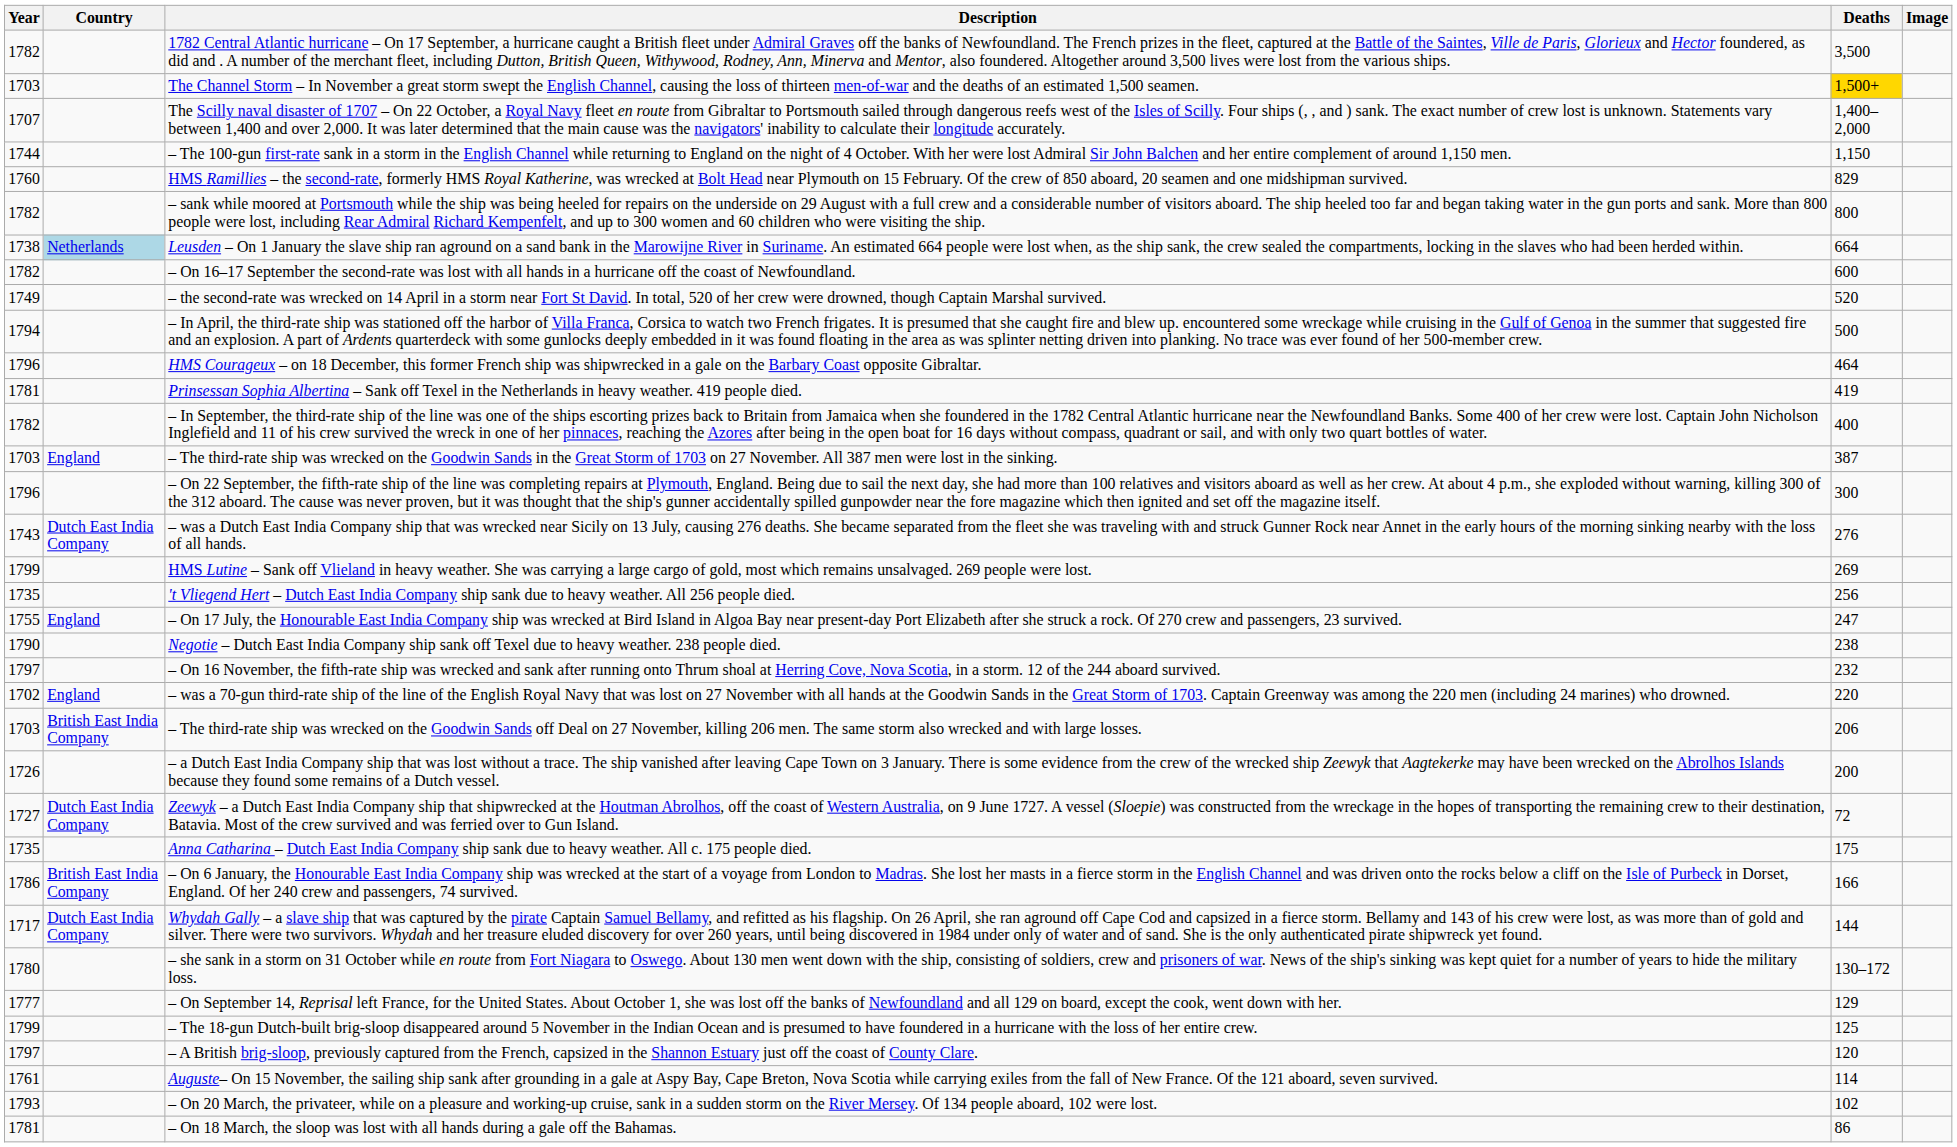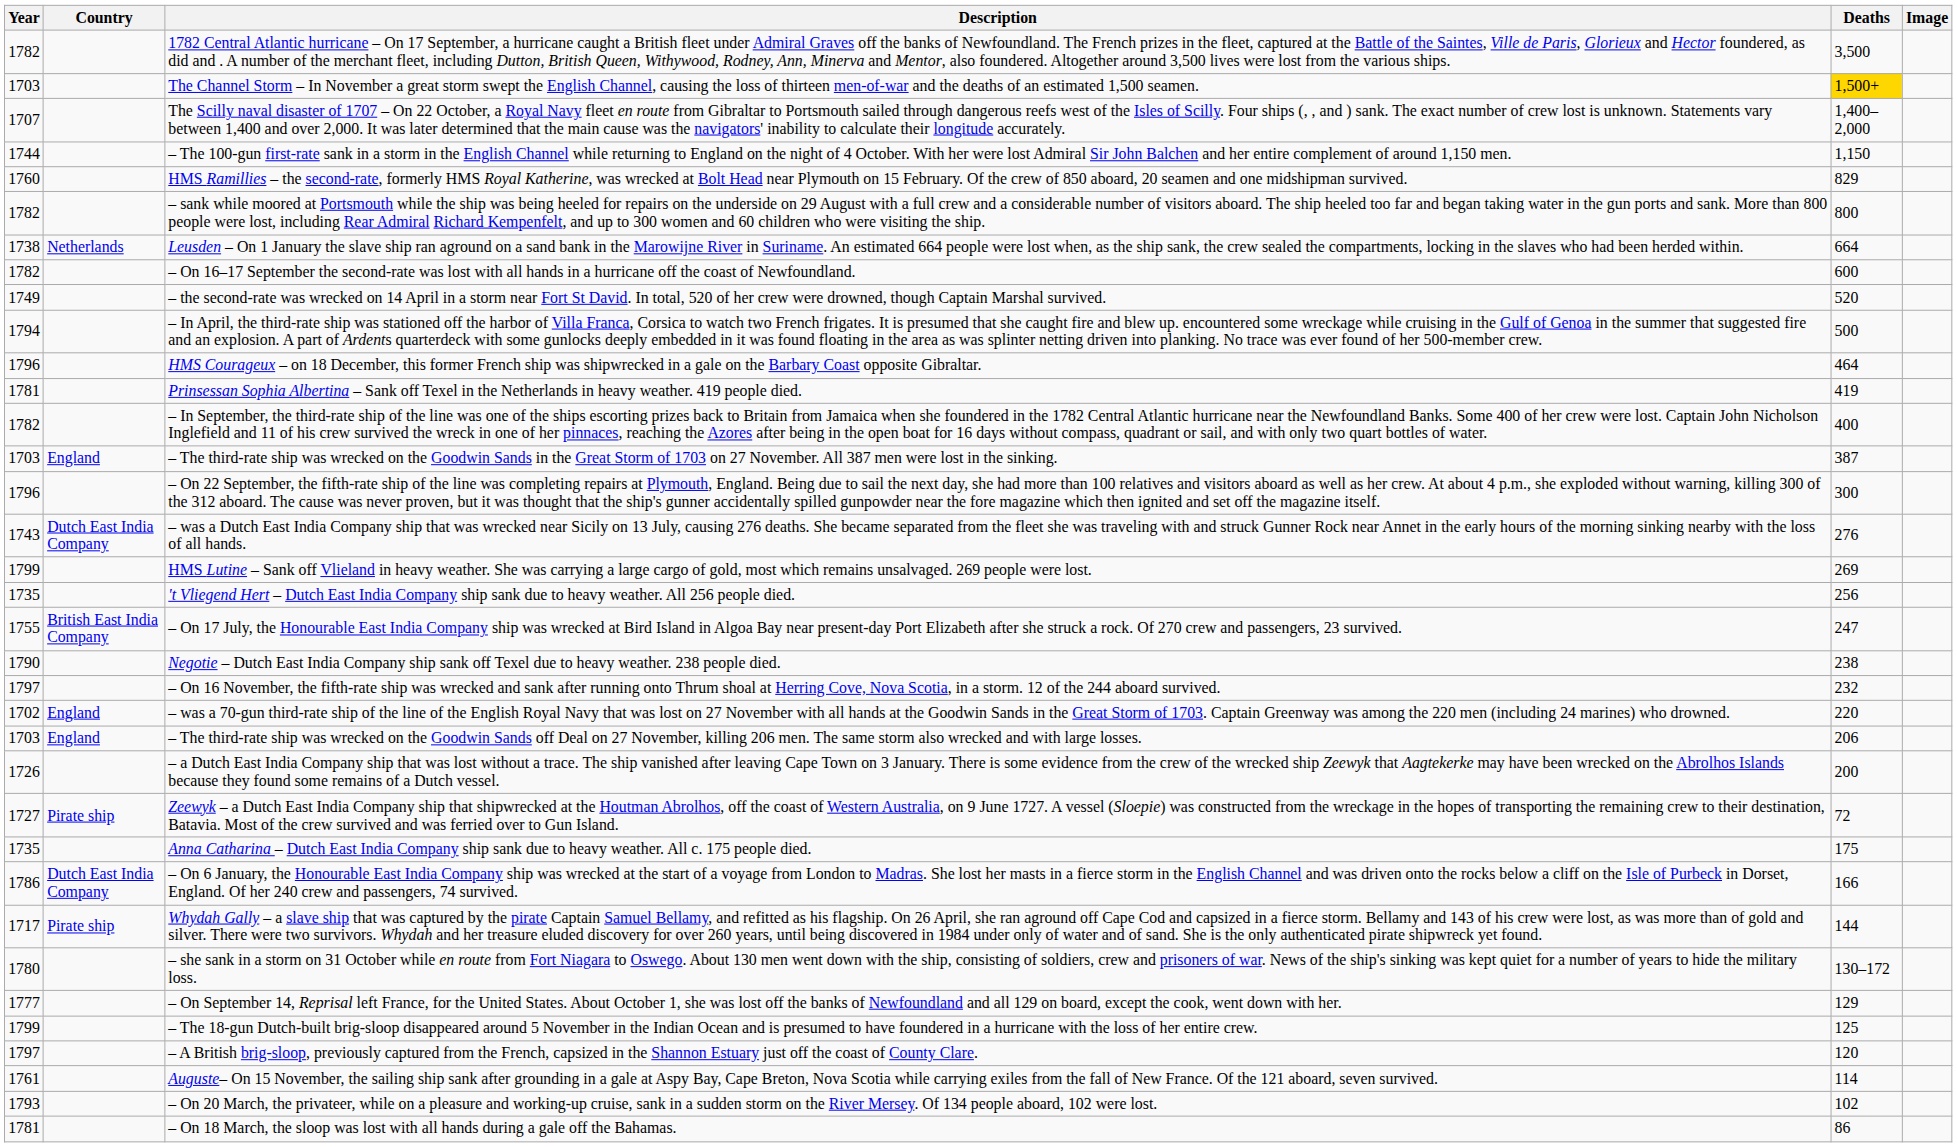 <table class="wikitable sortable" style="display: inline-table;">
 <tr>
 <th data-sort-type="number">Year</th>
 <th width=115px>Country</th>
 <th>Description</th>
 <th data-sort-type="number">Deaths</th>
 <th class="unsortable">Image</th>
 </tr>
 <tr>
 <td>1782</td>
 <td></td>
 <td><a href='#'>1782 Central Atlantic hurricane</a> – On 17 September, a hurricane caught a British fleet under <a href='#'>Admiral Graves</a> off the banks of Newfoundland. The French prizes in the fleet, captured at the <a href='#'>Battle of the Saintes</a>, <a href='#'><em>Ville de Paris</em></a>, <a href='#'><em>Glorieux</em></a> and <a href='#'><em>Hector</em></a> foundered, as did  and . A number of the merchant fleet, including <em>Dutton, British Queen, Withywood, Rodney, Ann, Minerva</em> and <em>Mentor</em>, also foundered. Altogether around 3,500 lives were lost from the various ships.</td>
 <td>3,500</td>
 <td></td>
 </tr>
 <tr>
 <td>1703</td>
 <td></td>
 <td><a href='#'>The Channel Storm</a> – In November a great storm swept the <a href='#'>English Channel</a>, causing the loss of thirteen <a href='#'>men-of-war</a> and the deaths of an estimated 1,500 seamen.</td>
 <td style="background: gold;">1,500+</td>
 <td></td>
 </tr>
 <tr>
 <td>1707</td>
 <td></td>
 <td>The <a href='#'>Scilly naval disaster of 1707</a> – On 22 October, a <a href='#'>Royal Navy</a> fleet <em>en route</em> from Gibraltar to Portsmouth sailed through dangerous reefs west of the <a href='#'>Isles of Scilly</a>. Four ships (, ,  and ) sank. The exact number of crew lost is unknown. Statements vary between 1,400 and over 2,000. It was later determined that the main cause was the <a href='#'>navigators</a>' inability to calculate their <a href='#'>longitude</a> accurately.</td>
 <td>1,400–2,000</td>
 <td></td>
 </tr>
 <tr>
 <td>1744</td>
 <td></td>
 <td> – The 100-gun <a href='#'>first-rate</a> sank in a storm in the <a href='#'>English Channel</a> while returning to England on the night of 4 October. With her were lost Admiral <a href='#'>Sir John Balchen</a> and her entire complement of around 1,150 men.</td>
 <td>1,150</td>
 <td></td>
 </tr>
 <tr>
 <td>1760</td>
 <td></td>
 <td><a href='#'>HMS <em>Ramillies</em></a> – the <a href='#'>second-rate</a>, formerly HMS <em> Royal Katherine</em>, was wrecked at <a href='#'>Bolt Head</a> near Plymouth on 15 February. Of the crew of 850 aboard, 20 seamen and one midshipman survived.</td>
 <td>829</td>
 <td></td>
 </tr>
 <tr>
 <td>1782</td>
 <td></td>
 <td> – sank while moored at <a href='#'>Portsmouth</a> while the ship was being heeled for repairs on the underside on 29 August with a full crew and a considerable number of visitors aboard. The ship heeled too far and began taking water in the gun ports and sank. More than 800 people were lost, including <a href='#'>Rear Admiral</a> <a href='#'>Richard Kempenfelt</a>, and up to 300 women and 60 children who were visiting the ship.</td>
 <td>800</td>
 <td></td>
 </tr>
 <tr>
 <td>1738</td>
-<td style="background: lightblue;"> <a href='#'>Netherlands</a></td>
+<td> <a href='#'>Netherlands</a></td>
 <td><em><a href='#'>Leusden</a></em> – On 1 January the slave ship ran aground on a sand bank in the <a href='#'>Marowijne River</a> in <a href='#'>Suriname</a>. An estimated 664 people were lost when, as the ship sank, the crew sealed the compartments, locking in the slaves who had been herded within.</td>
 <td>664</td>
 <td></td>
 </tr>
 <tr>
 <td>1782</td>
 <td></td>
 <td> – On 16–17 September the second-rate was lost with all hands in a hurricane off the coast of Newfoundland.</td>
 <td>600</td>
 <td></td>
 </tr>
 <tr>
 <td>1749</td>
 <td></td>
 <td> – the second-rate was wrecked on 14 April in a storm near <a href='#'>Fort St David</a>. In total, 520 of her crew were drowned, though Captain Marshal survived.</td>
 <td>520</td>
 <td></td>
 </tr>
 <tr>
 <td>1794</td>
 <td></td>
 <td> – In April, the third-rate ship was stationed off the harbor of <a href='#'>Villa Franca</a>, Corsica to watch two French frigates. It is presumed that she caught fire and blew up.  encountered some wreckage while cruising in the <a href='#'>Gulf of Genoa</a> in the summer that suggested fire and an explosion. A part of <em>Ardent</em>s quarterdeck with some gunlocks deeply embedded in it was found floating in the area as was splinter netting driven into planking. No trace was ever found of her 500-member crew.</td>
 <td>500</td>
 <td></td>
 </tr>
 <tr>
 <td>1796</td>
 <td></td>
 <td><em><a href='#'>HMS Courageux</a></em> – on 18 December, this former French ship was shipwrecked in a gale on the <a href='#'>Barbary Coast</a> opposite Gibraltar.</td>
 <td>464</td>
 <td></td>
 </tr>
 <tr>
 <td>1781</td>
 <td></td>
 <td><em><a href='#'>Prinsessan Sophia Albertina</a></em> – Sank off Texel in the Netherlands in heavy weather. 419 people died.</td>
 <td>419</td>
 <td></td>
 </tr>
 <tr>
 <td>1782</td>
 <td></td>
 <td> – In September, the third-rate ship of the line was one of the ships escorting prizes back to Britain from Jamaica when she foundered in the 1782 Central Atlantic hurricane near the Newfoundland Banks. Some 400 of her crew were lost. Captain John Nicholson Inglefield and 11 of his crew survived the wreck in one of her <a href='#'>pinnaces</a>, reaching the <a href='#'>Azores</a> after being in the open boat for 16 days without compass, quadrant or sail, and with only two quart bottles of water.</td>
 <td>400</td>
 <td></td>
 </tr>
 <tr>
 <td>1703</td>
 <td> <a href='#'>England</a></td>
 <td> – The third-rate ship was wrecked on the <a href='#'>Goodwin Sands</a> in the <a href='#'>Great Storm of 1703</a> on 27 November. All 387 men were lost in the sinking.</td>
 <td>387</td>
 <td></td>
 </tr>
 <tr>
 <td>1796</td>
 <td></td>
 <td> – On 22 September, the fifth-rate ship of the line was completing repairs at <a href='#'>Plymouth</a>, England. Being due to sail the next day, she had more than 100 relatives and visitors aboard as well as her crew. At about 4 p.m., she exploded without warning, killing 300 of the 312 aboard. The cause was never proven, but it was thought that the ship's gunner accidentally spilled gunpowder near the fore magazine which then ignited and set off the magazine itself.</td>
 <td>300</td>
 <td></td>
 </tr>
 <tr>
 <td>1743</td>
 <td> <a href='#'>Dutch East India Company</a></td>
 <td> – was a Dutch East India Company ship that was wrecked near Sicily on 13 July, causing 276 deaths. She became separated from the fleet she was traveling with and struck Gunner Rock near Annet in the early hours of the morning sinking nearby with the loss of all hands.</td>
 <td>276</td>
 <td></td>
 </tr>
 <tr>
 <td>1799</td>
 <td></td>
 <td><a href='#'>HMS <em>Lutine</em></a> – Sank off <a href='#'>Vlieland</a> in heavy weather. She was carrying a large cargo of gold, most which remains unsalvaged. 269 people were lost.</td>
 <td>269</td>
 <td></td>
 </tr>
 <tr>
 <td>1735</td>
 <td></td>
 <td><em><a href='#'>'t Vliegend Hert</a></em> – <a href='#'>Dutch East India Company</a> ship sank due to heavy weather. All 256 people died.</td>
 <td>256</td>
 <td></td>
 </tr>
 <tr>
 <td>1755</td>
-<td> <a href='#'>England</a></td>
+<td> <a href='#'>British East India Company</a></td>
 <td> – On 17 July, the <a href='#'>Honourable East India Company</a> ship was wrecked at Bird Island in Algoa Bay near present-day Port Elizabeth after she struck a rock. Of 270 crew and passengers, 23 survived.</td>
 <td>247</td>
 <td></td>
 </tr>
 <tr>
 <td>1790</td>
 <td></td>
 <td><em><a href='#'>Negotie</a></em> – Dutch East India Company ship sank off Texel due to heavy weather. 238 people died.</td>
 <td>238</td>
 <td></td>
 </tr>
 <tr>
 <td>1797</td>
 <td></td>
 <td> – On 16 November, the fifth-rate ship was wrecked and sank after running onto Thrum shoal at <a href='#'>Herring Cove, Nova Scotia</a>, in a storm. 12 of the 244 aboard survived.</td>
 <td>232</td>
 <td></td>
 </tr>
 <tr>
 <td>1702</td>
 <td> <a href='#'>England</a></td>
 <td> – was a 70-gun third-rate ship of the line of the English Royal Navy that was lost on 27 November with all hands at the Goodwin Sands in the <a href='#'>Great Storm of 1703</a>. Captain Greenway was among the 220 men (including 24 marines) who drowned.</td>
 <td>220</td>
 <td></td>
 </tr>
 <tr>
 <td>1703</td>
-<td> <a href='#'>British East India Company</a></td>
+<td> <a href='#'>England</a></td>
 <td> – The third-rate ship was wrecked on the <a href='#'>Goodwin Sands</a> off Deal on 27 November, killing 206 men. The same storm also wrecked  and  with large losses.</td>
 <td>206</td>
 <td></td>
 </tr>
 <tr>
 <td>1726</td>
 <td></td>
 <td> – a Dutch East India Company ship that was lost without a trace. The ship vanished after leaving Cape Town on 3 January. There is some evidence from the crew of the wrecked ship <em>Zeewyk</em> that <em>Aagtekerke</em> may have been wrecked on the <a href='#'>Abrolhos Islands</a> because they found some remains of a Dutch vessel.</td>
 <td>200</td>
 <td></td>
 </tr>
 <tr>
 <td>1727</td>
-<td> <a href='#'>Dutch East India Company</a></td>
+<td> <a href='#'>Pirate ship</a></td>
 <td><a href='#'><em>Zeewyk</em></a> – a Dutch East India Company ship that shipwrecked at the <a href='#'>Houtman Abrolhos</a>, off the coast of <a href='#'>Western Australia</a>, on 9 June 1727. A vessel (<em>Sloepie</em>) was constructed from the wreckage in the hopes of transporting the remaining crew to their destination, Batavia. Most of the crew survived and was ferried over to Gun Island.</td>
 <td>72</td>
 <td></td>
 </tr>
 <tr>
 <td>1735</td>
 <td></td>
 <td><em><a href='#'>Anna Catharina </a></em> – <a href='#'>Dutch East India Company</a> ship sank due to heavy weather. All c. 175 people died.</td>
 <td>175</td>
 <td></td>
 </tr>
 <tr>
 <td>1786</td>
-<td> <a href='#'>British East India Company</a></td>
+<td> <a href='#'>Dutch East India Company</a></td>
 <td> – On 6 January, the <a href='#'>Honourable East India Company</a> ship was wrecked at the start of a voyage from London to <a href='#'>Madras</a>. She lost her masts in a fierce storm in the <a href='#'>English Channel</a> and was driven onto the rocks below a cliff on the <a href='#'>Isle of Purbeck</a> in Dorset, England. Of her 240 crew and passengers, 74 survived.</td>
 <td>166</td>
 <td></td>
 </tr>
 <tr>
 <td>1717</td>
-<td> <a href='#'>Dutch East India Company</a></td>
+<td> <a href='#'>Pirate ship</a></td>
 <td><em><a href='#'>Whydah Gally</a></em> – a <a href='#'>slave ship</a> that was captured by the <a href='#'>pirate</a> Captain <a href='#'>Samuel Bellamy</a>, and refitted as his flagship. On 26 April, she ran aground off Cape Cod and capsized in a fierce storm. Bellamy and 143 of his crew were lost, as was more than  of gold and silver. There were two survivors. <em>Whydah</em> and her treasure eluded discovery for over 260 years, until being discovered in 1984 under only  of water and  of sand. She is the only authenticated pirate shipwreck yet found.</td>
 <td>144</td>
 <td></td>
 </tr>
 <tr>
 <td>1780</td>
 <td></td>
 <td> – she sank in a storm on 31 October while <em>en route</em> from <a href='#'>Fort Niagara</a> to <a href='#'>Oswego</a>. About 130 men went down with the ship, consisting of soldiers, crew and <a href='#'>prisoners of war</a>. News of the ship's sinking was kept quiet for a number of years to hide the military loss.</td>
 <td>130–172</td>
 <td></td>
 </tr>
 <tr>
 <td>1777</td>
 <td></td>
 <td> – On September 14, <em>Reprisal</em> left France, for the United States. About October 1, she was lost off the banks of <a href='#'>Newfoundland</a> and all 129 on board, except the cook, went down with her.</td>
 <td>129</td>
 <td></td>
 </tr>
 <tr>
 <td>1799</td>
 <td></td>
 <td> – The 18-gun Dutch-built brig-sloop disappeared around 5 November in the Indian Ocean and is presumed to have foundered in a hurricane with the loss of her entire crew.</td>
 <td>125</td>
 <td></td>
 </tr>
 <tr>
 <td>1797</td>
 <td></td>
 <td> – A British <a href='#'>brig-sloop</a>, previously captured from the French, capsized in the <a href='#'>Shannon Estuary</a> just off the coast of <a href='#'>County Clare</a>.</td>
 <td>120</td>
 <td></td>
 </tr>
 <tr>
 <td>1761</td>
 <td></td>
 <td><a href='#'><em>Auguste</em></a>– On 15 November, the sailing ship sank after grounding in a gale at Aspy Bay, Cape Breton, Nova Scotia while carrying exiles from the fall of New France. Of the 121 aboard, seven survived.</td>
 <td>114</td>
 <td></td>
 </tr>
 <tr>
 <td>1793</td>
 <td></td>
 <td> – On 20 March, the privateer, while on a pleasure and working-up cruise, sank in a sudden storm on the <a href='#'>River Mersey</a>. Of 134 people aboard, 102 were lost.</td>
 <td>102</td>
 <td></td>
 </tr>
 <tr>
 <td>1781</td>
 <td></td>
 <td> – On 18 March, the sloop was lost with all hands during a gale off the Bahamas.</td>
 <td>86</td>
 <td></td>
 </tr>
 </table>
